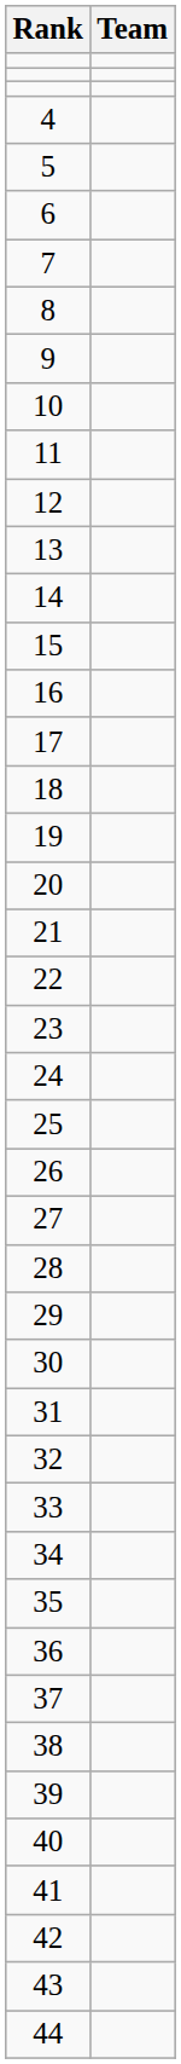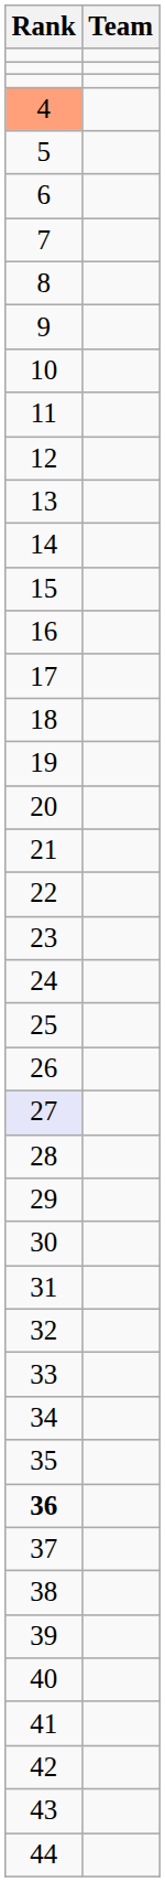 <table class="wikitable">
 <tr>
 <th>Rank</th>
 <th>Team</th>
 </tr>
 <tr>
 <td align=center></td>
 <td></td>
 </tr>
 <tr>
 <td align=center></td>
 <td></td>
 </tr>
 <tr>
 <td align=center></td>
 <td></td>
 </tr>
 <tr>
-<td align=center>4</td>
+<td align=center style="background: lightsalmon;">4</td>
 <td></td>
 </tr>
 <tr>
 <td align=center>5</td>
 <td></td>
 </tr>
 <tr>
 <td align=center>6</td>
 <td></td>
 </tr>
 <tr>
 <td align=center>7</td>
 <td></td>
 </tr>
 <tr>
 <td align=center>8</td>
 <td></td>
 </tr>
 <tr>
 <td align=center>9</td>
 <td></td>
 </tr>
 <tr>
 <td align=center>10</td>
 <td></td>
 </tr>
 <tr>
 <td align=center>11</td>
 <td></td>
 </tr>
 <tr>
 <td align=center>12</td>
 <td></td>
 </tr>
 <tr>
 <td align=center>13</td>
 <td></td>
 </tr>
 <tr>
 <td align=center>14</td>
 <td></td>
 </tr>
 <tr>
 <td align=center>15</td>
 <td></td>
 </tr>
 <tr>
 <td align=center>16</td>
 <td></td>
 </tr>
 <tr>
 <td align=center>17</td>
 <td></td>
 </tr>
 <tr>
 <td align=center>18</td>
 <td></td>
 </tr>
 <tr>
 <td align=center>19</td>
 <td></td>
 </tr>
 <tr>
 <td align=center>20</td>
 <td></td>
 </tr>
 <tr>
 <td align=center>21</td>
 <td></td>
 </tr>
 <tr>
 <td align=center>22</td>
 <td></td>
 </tr>
 <tr>
 <td align=center>23</td>
 <td></td>
 </tr>
 <tr>
 <td align=center>24</td>
 <td></td>
 </tr>
 <tr>
 <td align=center>25</td>
 <td></td>
 </tr>
 <tr>
 <td align=center>26</td>
 <td></td>
 </tr>
 <tr>
-<td align=center>27</td>
+<td align=center style="background: lavender;">27</td>
 <td></td>
 </tr>
 <tr>
 <td align=center>28</td>
 <td></td>
 </tr>
 <tr>
 <td align=center>29</td>
 <td></td>
 </tr>
 <tr>
 <td align=center>30</td>
 <td></td>
 </tr>
 <tr>
 <td align=center>31</td>
 <td></td>
 </tr>
 <tr>
 <td align=center>32</td>
 <td></td>
 </tr>
 <tr>
 <td align=center>33</td>
 <td></td>
 </tr>
 <tr>
 <td align=center>34</td>
 <td></td>
 </tr>
 <tr>
 <td align=center>35</td>
 <td></td>
 </tr>
 <tr>
-<td align=center>36</td>
+<td align=center><strong>36</strong></td>
 <td></td>
 </tr>
 <tr>
 <td align=center>37</td>
 <td></td>
 </tr>
 <tr>
 <td align=center>38</td>
 <td></td>
 </tr>
 <tr>
 <td align=center>39</td>
 <td></td>
 </tr>
 <tr>
 <td align=center>40</td>
 <td></td>
 </tr>
 <tr>
 <td align=center>41</td>
 <td></td>
 </tr>
 <tr>
 <td align=center>42</td>
 <td></td>
 </tr>
 <tr>
 <td align=center>43</td>
 <td></td>
 </tr>
 <tr>
 <td align=center>44</td>
 <td></td>
 </tr>
 </table>
